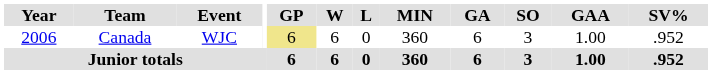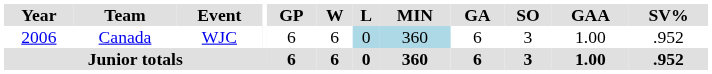 <table border="0" cellpadding="1" cellspacing="0" ID="Table3" style="text-align:center; width:40em">
 <tr ALIGN="center" bgcolor="#e0e0e0">
 <th>Year</th>
 <th>Team</th>
 <th>Event</th>
 <th rowspan="99" bgcolor="#ffffff"></th>
 <th>GP</th>
 <th>W</th>
 <th>L</th>
 <th>MIN</th>
 <th>GA</th>
 <th>SO</th>
 <th>GAA</th>
 <th>SV%</th>
 </tr>
 <tr>
 <td><a href='#'>2006</a></td>
 <td><a href='#'>Canada</a></td>
 <td><a href='#'>WJC</a></td>
-<td style="background: khaki;">6</td>
 <td>6</td>
-<td>0</td>
-<td>360</td>
+<td>6</td>
+<td style="background: lightblue;">0</td>
+<td style="background: lightblue;">360</td>
 <td>6</td>
 <td>3</td>
 <td>1.00</td>
 <td>.952</td>
 </tr>
 <tr bgcolor="#e0e0e0">
 <th colspan=4>Junior totals</th>
 <th>6</th>
 <th>6</th>
 <th>0</th>
 <th>360</th>
 <th>6</th>
 <th>3</th>
 <th>1.00</th>
 <th>.952</th>
 </tr>
 </table>
